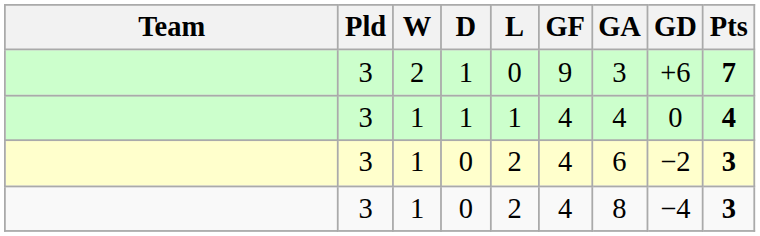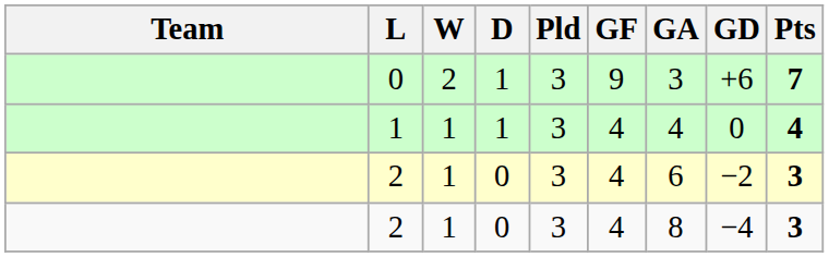 <table class="wikitable" style="text-align:center;">
 <tr>
 <th width=180>Team</th>
-<th width=20>Pld</th>
+<th width=20>L</th>
 <th width=20>W</th>
 <th width=20>D</th>
-<th width=20>L</th>
+<th width=20>Pld</th>
 <th width=20>GF</th>
 <th width=20>GA</th>
 <th width=20>GD</th>
 <th width=20>Pts</th>
 </tr>
 <tr bgcolor="ccffcc">
 <td align="left"><em></em></td>
-<td>3</td>
+<td>0</td>
 <td>2</td>
 <td>1</td>
-<td>0</td>
+<td>3</td>
 <td>9</td>
 <td>3</td>
 <td>+6</td>
 <td><strong>7</strong></td>
 </tr>
 <tr bgcolor="ccffcc">
 <td align="left"></td>
-<td>3</td>
 <td>1</td>
 <td>1</td>
 <td>1</td>
+<td>3</td>
 <td>4</td>
 <td>4</td>
 <td>0</td>
 <td><strong>4</strong></td>
 </tr>
 <tr bgcolor="ffffcc">
 <td align="left"></td>
-<td>3</td>
+<td>2</td>
 <td>1</td>
 <td>0</td>
-<td>2</td>
+<td>3</td>
 <td>4</td>
 <td>6</td>
 <td>−2</td>
 <td><strong>3</strong></td>
 </tr>
 <tr>
 <td align="left"></td>
-<td>3</td>
+<td>2</td>
 <td>1</td>
 <td>0</td>
-<td>2</td>
+<td>3</td>
 <td>4</td>
 <td>8</td>
 <td>−4</td>
 <td><strong>3</strong></td>
 </tr>
 </table>
